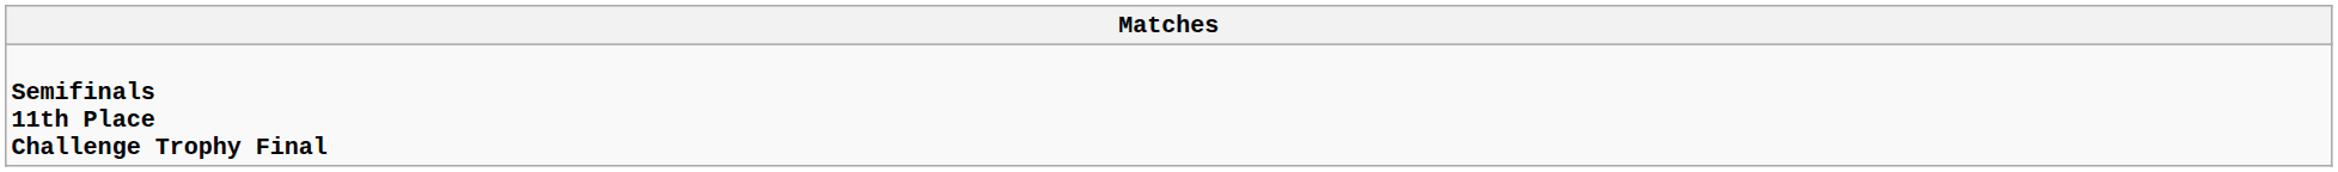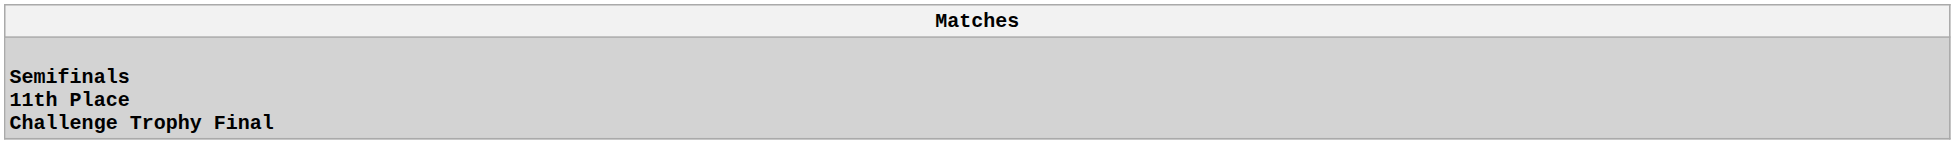 <table class="wikitable collapsible collapsed" style="width:100%;">
 <tr>
 <th>Matches</th>
 </tr>
 <tr>
-<td><br><strong>Semifinals</strong>  <br><strong>11th Place</strong> <br><strong>Challenge Trophy Final</strong> </td>
+<td style="background: lightgrey;"><br><strong>Semifinals</strong>  <br><strong>11th Place</strong> <br><strong>Challenge Trophy Final</strong> </td>
 </tr>
 </table>
